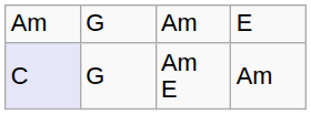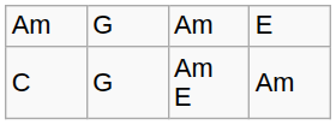 <table class="wikitable" style="text-align:left; width:200px;">
 <tr>
 <td width=25%>Am</td>
 <td width=25%>G</td>
 <td width=25%>Am</td>
 <td width=25%>E</td>
 </tr>
 <tr>
-<td style="background: lavender;">C</td>
+<td>C</td>
 <td>G</td>
 <td>Am E</td>
 <td>Am</td>
 </tr>
 </table>
